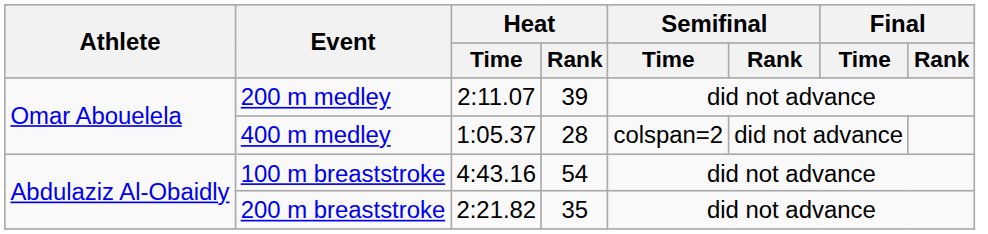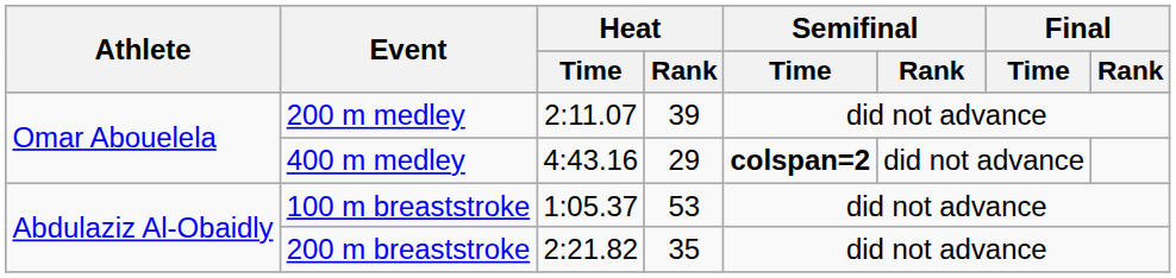 <table class="wikitable" style="text-align:center; font-size:90%">
 <tr>
 <th rowspan="2">Athlete</th>
 <th rowspan="2">Event</th>
 <th colspan="2">Heat</th>
 <th colspan="2">Semifinal</th>
 <th colspan="2">Final</th>
 </tr>
 <tr style="font-size:95%">
 <th>Time</th>
 <th>Rank</th>
 <th>Time</th>
 <th>Rank</th>
 <th>Time</th>
 <th>Rank</th>
 </tr>
 <tr>
 <td align=left rowspan=2><a href='#'>Omar Abouelela</a></td>
 <td align=left><a href='#'>200 m medley</a></td>
 <td>2:11.07</td>
 <td>39</td>
 <td colspan=4>did not advance</td>
 </tr>
 <tr>
 <td align=left><a href='#'>400 m medley</a></td>
-<td>1:05.37</td>
-<td>28</td>
-<td>colspan=2 </td>
+<td>4:43.16</td>
+<td>29</td>
+<td><strong>colspan=2 </strong></td>
 <td colspan=2>did not advance</td>
 </tr>
 <tr>
 <td align=left rowspan=2><a href='#'>Abdulaziz Al-Obaidly</a></td>
 <td align=left><a href='#'>100 m breaststroke</a></td>
-<td>4:43.16</td>
-<td>54</td>
+<td>1:05.37</td>
+<td>53</td>
 <td colspan=4>did not advance</td>
 </tr>
 <tr>
 <td align=left><a href='#'>200 m breaststroke</a></td>
 <td>2:21.82</td>
 <td>35</td>
 <td colspan=4>did not advance</td>
 </tr>
 </table>
